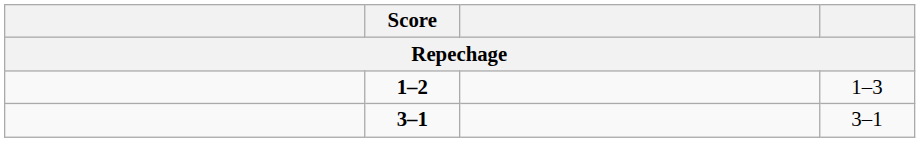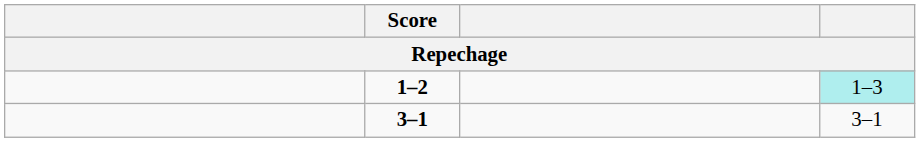 <table class="wikitable" style="text-align: left; ">
 <tr>
 <th align="right" width="270"></th>
 <th width="65">Score</th>
 <th align="left" width="270"></th>
 <th width="65"></th>
 </tr>
 <tr>
 <th colspan=4>Repechage</th>
 </tr>
 <tr>
 <td></td>
 <td align="center"><strong>1–2</strong></td>
 <td><strong></strong></td>
-<td align=center>1–3 <strong></strong></td>
+<td align=center style="background: paleturquoise;">1–3 <strong></strong></td>
 </tr>
 <tr>
 <td><strong></strong></td>
 <td align="center"><strong>3–1</strong></td>
 <td></td>
 <td align=center>3–1 <strong></strong></td>
 </tr>
 </table>
